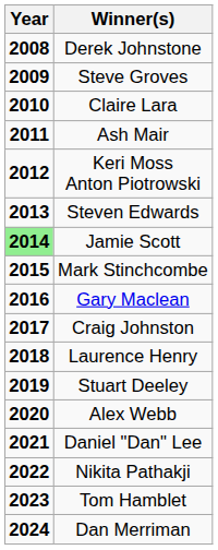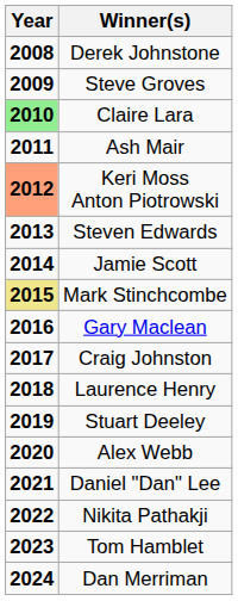 <table class="wikitable" style="text-align:center;">
 <tr>
 <th>Year</th>
 <th>Winner(s)</th>
 </tr>
 <tr>
 <td><strong>2008</strong></td>
 <td>Derek Johnstone</td>
 </tr>
 <tr>
 <td><strong>2009</strong></td>
 <td>Steve Groves</td>
 </tr>
 <tr>
-<td><strong>2010</strong></td>
+<td style="background: lightgreen;"><strong>2010</strong></td>
 <td>Claire Lara</td>
 </tr>
 <tr>
 <td><strong>2011</strong></td>
 <td>Ash Mair</td>
 </tr>
 <tr>
-<td><strong>2012</strong></td>
+<td style="background: lightsalmon;"><strong>2012</strong></td>
 <td>Keri Moss <br> Anton Piotrowski</td>
 </tr>
 <tr>
 <td><strong>2013</strong></td>
 <td>Steven Edwards</td>
 </tr>
 <tr>
-<td style="background: lightgreen;"><strong>2014</strong></td>
+<td><strong>2014</strong></td>
 <td>Jamie Scott</td>
 </tr>
 <tr>
-<td><strong>2015</strong></td>
+<td style="background: khaki;"><strong>2015</strong></td>
 <td>Mark  Stinchcombe</td>
 </tr>
 <tr>
 <td><strong>2016</strong></td>
 <td><a href='#'>Gary Maclean</a></td>
 </tr>
 <tr>
 <td><strong>2017</strong></td>
 <td>Craig Johnston</td>
 </tr>
 <tr>
 <td><strong>2018</strong></td>
 <td>Laurence Henry</td>
 </tr>
 <tr>
 <td><strong>2019</strong></td>
 <td>Stuart Deeley</td>
 </tr>
 <tr>
 <td><strong>2020</strong></td>
 <td>Alex Webb</td>
 </tr>
 <tr>
 <td><strong>2021</strong></td>
 <td>Daniel "Dan" Lee</td>
 </tr>
 <tr>
 <td><strong>2022</strong></td>
 <td>Nikita Pathakji</td>
 </tr>
 <tr>
 <td><strong>2023</strong></td>
 <td>Tom Hamblet</td>
 </tr>
 <tr>
 <td><strong>2024</strong></td>
 <td>Dan Merriman</td>
 </tr>
 </table>
